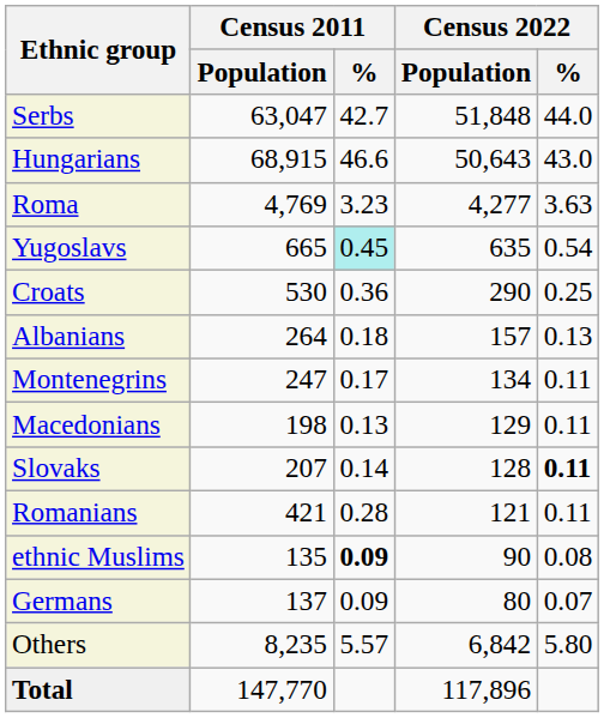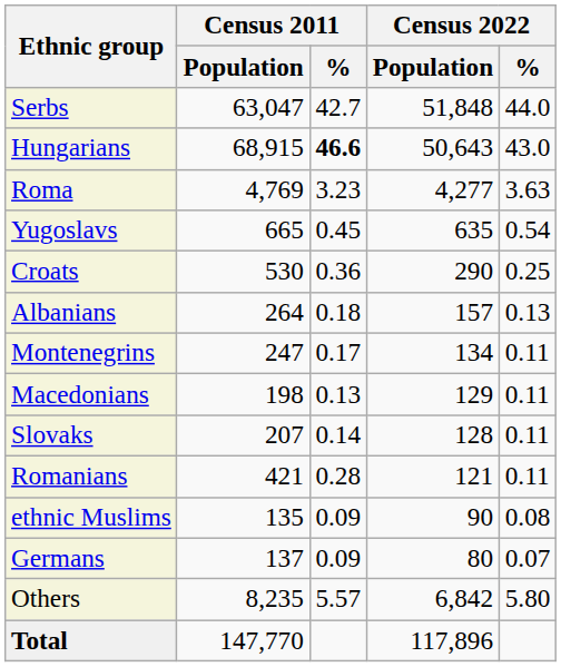 <table class="wikitable">
 <tr>
 <th rowspan="2">Ethnic group</th>
 <th colspan="2">Census 2011</th>
 <th colspan="2">Census 2022</th>
 </tr>
 <tr>
 <th>Population</th>
 <th>%</th>
 <th>Population</th>
 <th>%</th>
 </tr>
 <tr>
 <td style="background:#F5F5DC;"><a href='#'>Serbs</a></td>
 <td align="right">63,047</td>
 <td>42.7</td>
 <td align="right">51,848</td>
 <td>44.0</td>
 </tr>
 <tr>
 <td style="background:#F5F5DC;"><a href='#'>Hungarians</a></td>
 <td align="right">68,915</td>
-<td>46.6</td>
+<td><strong>46.6</strong></td>
 <td align="right">50,643</td>
 <td>43.0</td>
 </tr>
 <tr>
 <td style="background:#F5F5DC;"><a href='#'>Roma</a></td>
 <td align="right">4,769</td>
 <td>3.23</td>
 <td align="right">4,277</td>
 <td>3.63</td>
 </tr>
 <tr>
 <td style="background:#F5F5DC;"><a href='#'>Yugoslavs</a></td>
 <td align="right">665</td>
-<td style="background: paleturquoise;">0.45</td>
+<td>0.45</td>
 <td align="right">635</td>
 <td>0.54</td>
 </tr>
 <tr>
 <td style="background:#F5F5DC;"><a href='#'>Croats</a></td>
 <td align="right">530</td>
 <td>0.36</td>
 <td align="right">290</td>
 <td>0.25</td>
 </tr>
 <tr>
 <td style="background:#F5F5DC;"><a href='#'>Albanians</a></td>
 <td align="right">264</td>
 <td>0.18</td>
 <td align="right">157</td>
 <td>0.13</td>
 </tr>
 <tr>
 <td style="background:#F5F5DC;"><a href='#'>Montenegrins</a></td>
 <td align="right">247</td>
 <td>0.17</td>
 <td align="right">134</td>
 <td>0.11</td>
 </tr>
 <tr>
 <td style="background:#F5F5DC;"><a href='#'>Macedonians</a></td>
 <td align="right">198</td>
 <td>0.13</td>
 <td align="right">129</td>
 <td>0.11</td>
 </tr>
 <tr>
 <td style="background:#F5F5DC;"><a href='#'>Slovaks</a></td>
 <td align="right">207</td>
 <td>0.14</td>
 <td align="right">128</td>
-<td><strong>0.11</strong></td>
+<td>0.11</td>
 </tr>
 <tr>
 <td style="background:#F5F5DC;"><a href='#'>Romanians</a></td>
 <td align="right">421</td>
 <td>0.28</td>
 <td align="right">121</td>
 <td>0.11</td>
 </tr>
 <tr>
 <td style="background:#F5F5DC;"><a href='#'>ethnic Muslims</a></td>
 <td align="right">135</td>
-<td><strong>0.09</strong></td>
+<td>0.09</td>
 <td align="right">90</td>
 <td>0.08</td>
 </tr>
 <tr>
 <td style="background:#F5F5DC;"><a href='#'>Germans</a></td>
 <td align="right">137</td>
 <td>0.09</td>
 <td align="right">80</td>
 <td>0.07</td>
 </tr>
 <tr>
 <td style="background:#F5F5DC;">Others</td>
 <td align="right">8,235</td>
 <td>5.57</td>
 <td align="right">6,842</td>
 <td>5.80</td>
 </tr>
 <tr>
 <td style="background:#F0F0F0;"><strong>Total</strong></td>
 <td align="right">147,770</td>
 <td></td>
 <td align="right">117,896</td>
 <td></td>
 </tr>
 </table>
